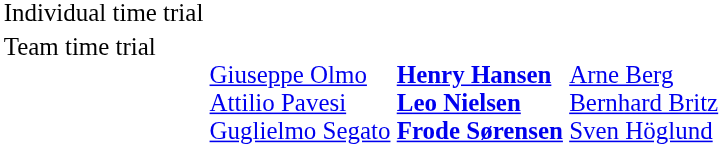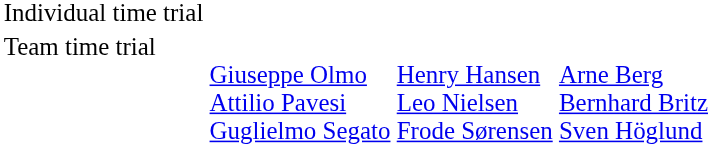 <table>
 <tr>
 <td>Individual time trial<br></td>
 <td></td>
 <td></td>
 <td></td>
 </tr>
 <tr valign="top">
 <td>Team time trial<br></td>
 <td><br><a href='#'>Giuseppe Olmo</a><br><a href='#'>Attilio Pavesi</a><br><a href='#'>Guglielmo Segato</a></td>
-<td><strong><br><a href='#'>Henry Hansen</a><br><a href='#'>Leo Nielsen</a><br><a href='#'>Frode Sørensen</a></strong></td>
+<td><br><a href='#'>Henry Hansen</a><br><a href='#'>Leo Nielsen</a><br><a href='#'>Frode Sørensen</a></td>
 <td><br><a href='#'>Arne Berg</a><br><a href='#'>Bernhard Britz</a><br><a href='#'>Sven Höglund</a></td>
 </tr>
 </table>
